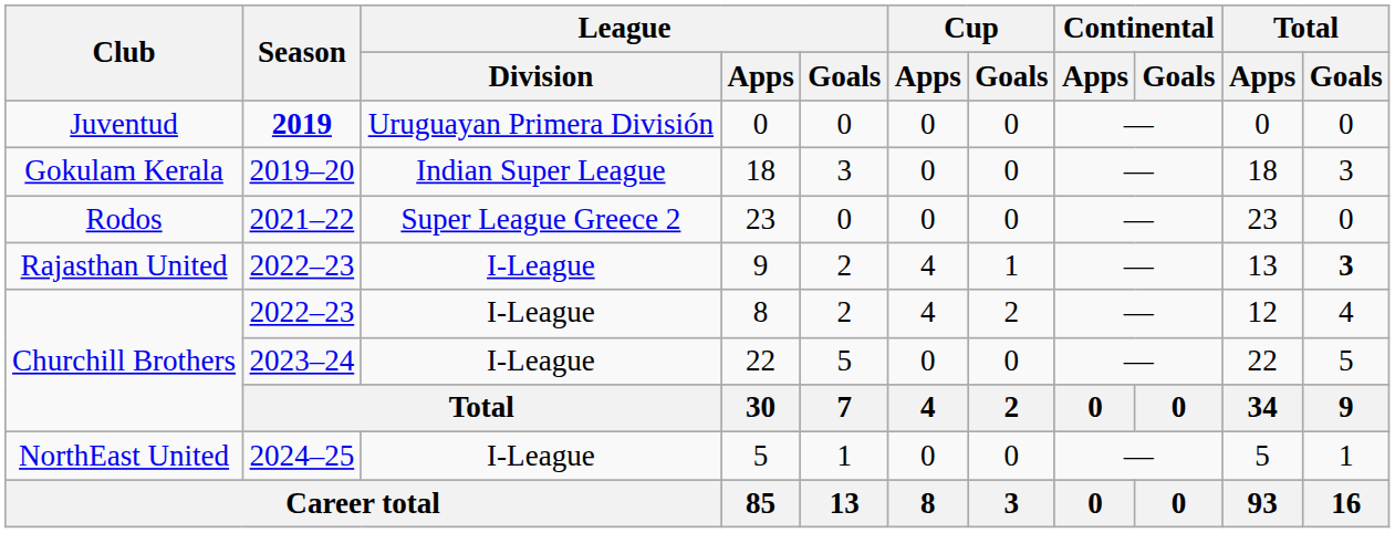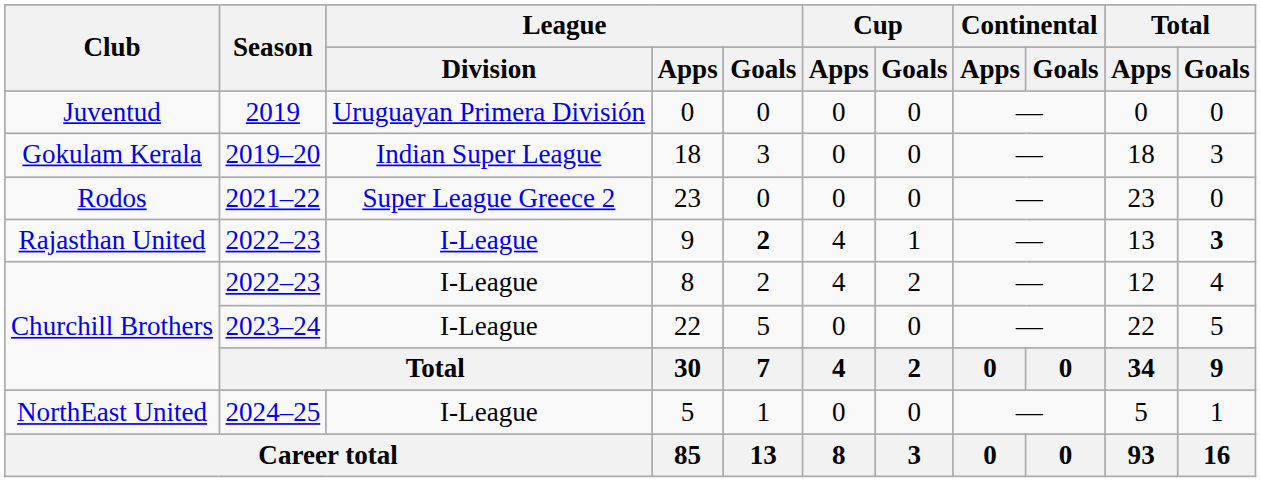 <table class="wikitable" style="text-align: center;">
 <tr>
 <th rowspan="2">Club</th>
 <th rowspan="2">Season</th>
 <th colspan="3">League</th>
 <th colspan="2">Cup</th>
 <th colspan="2">Continental</th>
 <th colspan="2">Total</th>
 </tr>
 <tr>
 <th>Division</th>
 <th>Apps</th>
 <th>Goals</th>
 <th>Apps</th>
 <th>Goals</th>
 <th>Apps</th>
 <th>Goals</th>
 <th>Apps</th>
 <th>Goals</th>
 </tr>
 <tr>
 <td rowspan="1"><a href='#'>Juventud</a></td>
-<td><strong><a href='#'>2019</a></strong></td>
+<td><a href='#'>2019</a></td>
 <td rowspan="1"><a href='#'>Uruguayan Primera División</a></td>
 <td>0</td>
 <td>0</td>
 <td>0</td>
 <td>0</td>
 <td colspan="2">—</td>
 <td>0</td>
 <td>0</td>
 </tr>
 <tr>
 <td><a href='#'>Gokulam Kerala</a></td>
 <td><a href='#'>2019–20</a></td>
 <td rowspan="1"><a href='#'>Indian Super League</a></td>
 <td>18</td>
 <td>3</td>
 <td>0</td>
 <td>0</td>
 <td colspan="2">—</td>
 <td>18</td>
 <td>3</td>
 </tr>
 <tr>
 <td rowspan="1"><a href='#'>Rodos</a></td>
 <td><a href='#'>2021–22</a></td>
 <td rowspan="1"><a href='#'>Super League Greece 2</a></td>
 <td>23</td>
 <td>0</td>
 <td>0</td>
 <td>0</td>
 <td colspan="2">—</td>
 <td>23</td>
 <td>0</td>
 </tr>
 <tr>
 <td rowspan="1"><a href='#'>Rajasthan United</a></td>
 <td><a href='#'>2022–23</a></td>
 <td><a href='#'>I-League</a></td>
 <td>9</td>
-<td>2</td>
+<td><strong>2</strong></td>
 <td>4</td>
 <td>1</td>
 <td colspan="2">—</td>
 <td>13</td>
 <td><strong>3</strong></td>
 </tr>
 <tr>
 <td rowspan="3"><a href='#'>Churchill Brothers</a></td>
 <td><a href='#'>2022–23</a></td>
 <td>I-League</td>
 <td>8</td>
 <td>2</td>
 <td>4</td>
 <td>2</td>
 <td colspan="2">—</td>
 <td>12</td>
 <td>4</td>
 </tr>
 <tr>
 <td><a href='#'>2023–24</a></td>
 <td>I-League</td>
 <td>22</td>
 <td>5</td>
 <td>0</td>
 <td>0</td>
 <td colspan="2">—</td>
 <td>22</td>
 <td>5</td>
 </tr>
 <tr>
 <th colspan="2">Total</th>
 <th>30</th>
 <th>7</th>
 <th>4</th>
 <th>2</th>
 <th>0</th>
 <th>0</th>
 <th>34</th>
 <th>9</th>
 </tr>
 <tr>
 <td rowspan="1"><a href='#'>NorthEast United</a></td>
 <td><a href='#'>2024–25</a></td>
 <td>I-League</td>
 <td>5</td>
 <td>1</td>
 <td>0</td>
 <td>0</td>
 <td colspan="2">—</td>
 <td>5</td>
 <td>1</td>
 </tr>
 <tr>
 <th colspan="3">Career total</th>
 <th>85</th>
 <th>13</th>
 <th>8</th>
 <th>3</th>
 <th>0</th>
 <th>0</th>
 <th>93</th>
 <th>16</th>
 </tr>
 </table>
